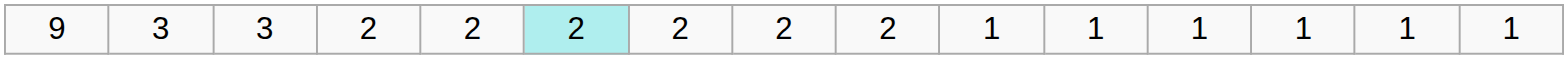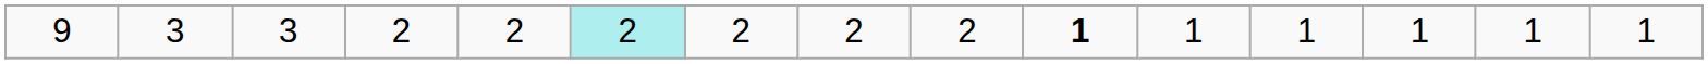 <table class="wikitable" style="text-align:center; width:50em;">
 <tr>
 </tr>
 <tr>
 <td>9</td>
 <td>3</td>
 <td>3</td>
 <td>2</td>
 <td>2</td>
 <td style="background: paleturquoise;">2</td>
 <td>2</td>
 <td>2</td>
 <td>2</td>
-<td>1</td>
+<td><strong>1</strong></td>
 <td>1</td>
 <td>1</td>
 <td>1</td>
 <td>1</td>
 <td>1</td>
 </tr>
 </table>
